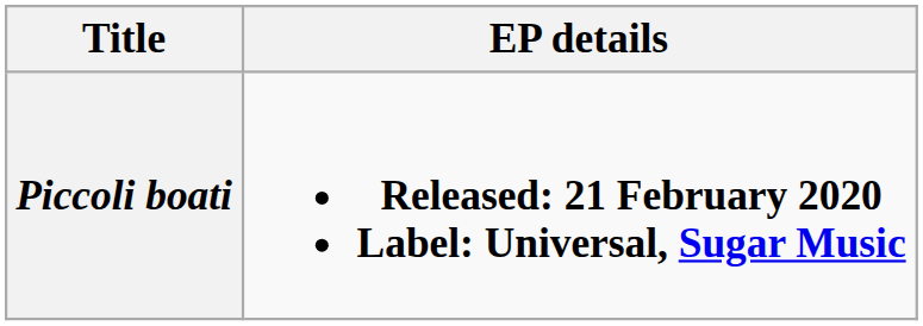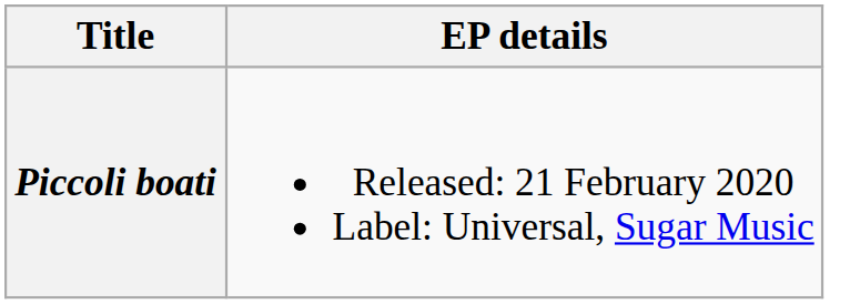 <table class="wikitable plainrowheaders" style="text-align:center;">
 <tr>
 <th>Title</th>
 <th>EP details</th>
 </tr>
 <tr>
 <th scope="row"><em>Piccoli boati</em></th>
-<td><strong><br><ul><li>Released: 21 February 2020</li><li>Label: Universal, <a href='#'>Sugar Music</a></li></ul></strong></td>
+<td><br><ul><li>Released: 21 February 2020</li><li>Label: Universal, <a href='#'>Sugar Music</a></li></ul></td>
 </tr>
 </table>
